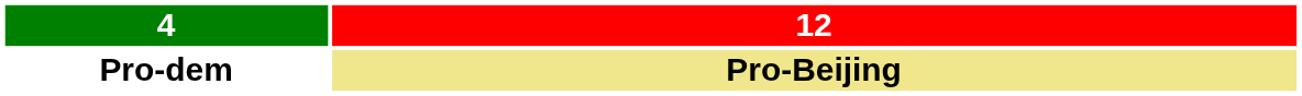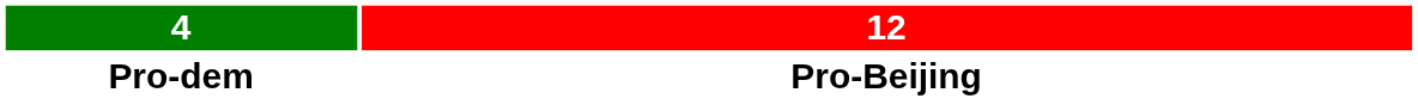 <table style="width:50%; text-align:center;">
 <tr style="color:white;">
 <td style="background:green; width:25%;"><strong>4</strong></td>
 <td style="background:red; width:75%;"><strong>12</strong></td>
 </tr>
 <tr>
 <td><span><strong>Pro-dem</strong></span></td>
-<td style="background: khaki;"><span><strong>Pro-Beijing</strong></span></td>
+<td><span><strong>Pro-Beijing</strong></span></td>
 </tr>
 </table>
